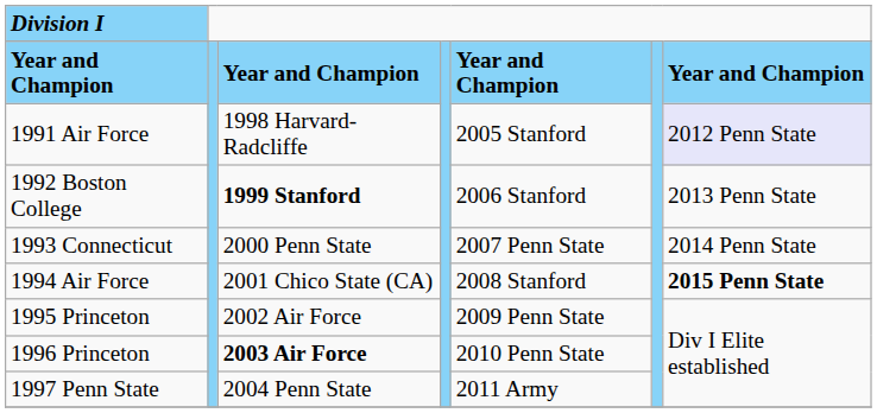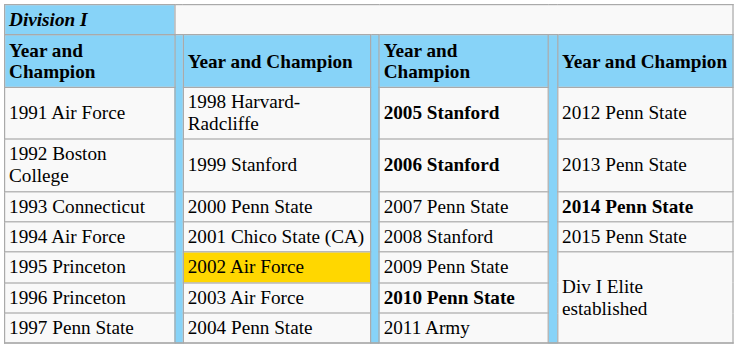 <table class="wikitable" style="font-size:100%;">
 <tr ! style="background-color: #87D3F8;">
 <td><strong> <em>Division I</em> </strong></td>
 </tr>
 <tr>
 </tr>
 <tr>
 </tr>
 <tr --->
 </tr>
 <tr ! style="background-color: #87D3F8;">
 <td><strong>Year and Champion</strong></td>
 <td rowspan=8></td>
 <td><strong>Year and Champion</strong></td>
 <td rowspan=8></td>
 <td><strong>Year and Champion</strong></td>
 <td rowspan=8></td>
 <td><strong>Year and Champion</strong></td>
 </tr>
 <tr --->
 <td>1991 Air Force</td>
 <td>1998 Harvard-Radcliffe</td>
-<td>2005 Stanford</td>
-<td style="background: lavender;">2012 Penn State</td>
+<td><strong>2005 Stanford</strong></td>
+<td>2012 Penn State</td>
 </tr>
 <tr --->
 <td>1992 Boston College</td>
-<td><strong>1999 Stanford</strong></td>
-<td>2006 Stanford</td>
+<td>1999 Stanford</td>
+<td><strong>2006 Stanford</strong></td>
 <td>2013 Penn State</td>
 </tr>
 <tr --->
 <td>1993 Connecticut</td>
 <td>2000 Penn State</td>
 <td>2007 Penn State</td>
-<td>2014 Penn State</td>
+<td><strong>2014 Penn State</strong></td>
 </tr>
 <tr --->
 <td>1994 Air Force</td>
 <td>2001 Chico State (CA)</td>
 <td>2008 Stanford</td>
-<td><strong>2015 Penn State</strong></td>
+<td>2015 Penn State</td>
 </tr>
 <tr --->
 <td>1995 Princeton</td>
-<td>2002 Air Force</td>
+<td style="background: gold;">2002 Air Force</td>
 <td>2009 Penn State</td>
 <td rowspan=3>Div I Elite established</td>
 </tr>
 <tr --->
 <td>1996 Princeton</td>
-<td><strong>2003 Air Force</strong></td>
-<td>2010 Penn State</td>
+<td>2003 Air Force</td>
+<td><strong>2010 Penn State</strong></td>
 </tr>
 <tr --->
 <td>1997 Penn State</td>
 <td>2004 Penn State</td>
 <td>2011 Army</td>
 </tr>
 <tr --->
 </tr>
 </table>
